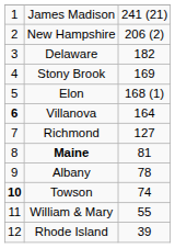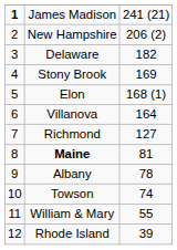 <table class="wikitable">
 <tr align="center">
 </tr>
 <tr align="center">
-<td>1</td>
+<td><strong>1</strong></td>
 <td>James Madison</td>
 <td>241 (21)</td>
 </tr>
 <tr align="center">
 <td>2</td>
 <td>New Hampshire</td>
 <td>206 (2)</td>
 </tr>
 <tr align="center">
 <td>3</td>
 <td>Delaware</td>
 <td>182</td>
 </tr>
 <tr align="center">
 <td>4</td>
 <td>Stony Brook</td>
 <td>169</td>
 </tr>
 <tr align="center">
 <td>5</td>
 <td>Elon</td>
 <td>168 (1)</td>
 </tr>
 <tr align="center">
-<td><strong>6</strong></td>
+<td>6</td>
 <td>Villanova</td>
 <td>164</td>
 </tr>
 <tr align="center">
 <td>7</td>
 <td>Richmond</td>
 <td>127</td>
 </tr>
 <tr align="center">
 <td>8</td>
 <td><strong>Maine</strong></td>
 <td>81</td>
 </tr>
 <tr align="center">
 <td>9</td>
 <td>Albany</td>
 <td>78</td>
 </tr>
 <tr align="center">
-<td><strong>10</strong></td>
+<td>10</td>
 <td>Towson</td>
 <td>74</td>
 </tr>
 <tr align="center">
 <td>11</td>
 <td>William & Mary</td>
 <td>55</td>
 </tr>
 <tr align="center">
 <td>12</td>
 <td>Rhode Island</td>
 <td>39</td>
 </tr>
 </table>
